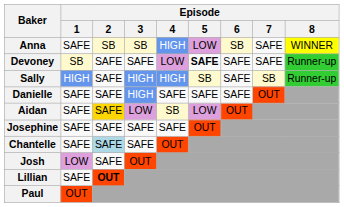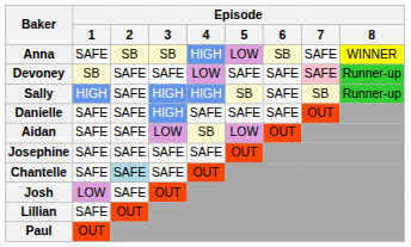 <table class="wikitable" style="text-align:center">
 <tr>
 <th scope="col" rowspan="2">Baker</th>
 <th colspan="9" scope="col">Episode</th>
 </tr>
 <tr>
 <th>1</th>
 <th>2</th>
 <th>3</th>
 <th>4</th>
 <th>5</th>
 <th>6</th>
 <th>7</th>
 <th>8</th>
 </tr>
 <tr>
 <th align="left">Anna</th>
 <td>SAFE</td>
 <td style="background:LemonChiffon;">SB</td>
 <td style="background:LemonChiffon;">SB</td>
 <td style="background:CornflowerBlue;color:white">HIGH</td>
 <td style="background:Plum;">LOW</td>
 <td style="background:LemonChiffon;">SB</td>
 <td>SAFE</td>
 <td style="background:Yellow;">WINNER</td>
 </tr>
 <tr>
 <th align="left">Devoney</th>
 <td style="background:LemonChiffon;">SB</td>
 <td>SAFE</td>
 <td>SAFE</td>
 <td style="background:Plum;">LOW</td>
-<td><strong>SAFE</strong></td>
 <td>SAFE</td>
 <td>SAFE</td>
+<td style="background: pink;">SAFE</td>
 <td style="background:LimeGreen;">Runner-up</td>
 </tr>
 <tr>
 <th align="left">Sally</th>
 <td style="background:CornflowerBlue;color:white">HIGH</td>
 <td>SAFE</td>
 <td style="background:CornflowerBlue;color:white">HIGH</td>
 <td style="background:CornflowerBlue;color:white">HIGH</td>
 <td style="background:LemonChiffon;">SB</td>
 <td>SAFE</td>
 <td style="background:LemonChiffon;">SB</td>
 <td style="background:LimeGreen;">Runner-up</td>
 </tr>
 <tr>
 <th align="left">Danielle</th>
 <td>SAFE</td>
 <td>SAFE</td>
 <td style="background:CornflowerBlue;color:white">HIGH</td>
 <td>SAFE</td>
 <td>SAFE</td>
 <td>SAFE</td>
 <td style="background:orangered;">OUT</td>
 <td colspan="8" style="background:darkgrey;"></td>
 </tr>
 <tr>
 <th align="left">Aidan</th>
 <td>SAFE</td>
-<td style="background: gold;">SAFE</td>
+<td>SAFE</td>
 <td style="background:Plum;">LOW</td>
 <td style="background:LemonChiffon;">SB</td>
 <td style="background:Plum;">LOW</td>
 <td style="background:orangered;">OUT</td>
 <td colspan="8" style="background:darkgrey;"></td>
 </tr>
 <tr>
 <th align="left">Josephine</th>
 <td>SAFE</td>
 <td>SAFE</td>
 <td>SAFE</td>
 <td>SAFE</td>
 <td style="background:orangered;">OUT</td>
 <td colspan="9" style="background:darkgrey;"></td>
 </tr>
 <tr>
 <th align="left">Chantelle</th>
 <td>SAFE</td>
 <td style="background: lightblue;">SAFE</td>
 <td>SAFE</td>
 <td style="background:orangered;">OUT</td>
 <td colspan="9" style="background:darkgrey;"></td>
 </tr>
 <tr>
 <th align="left">Josh</th>
 <td style="background:Plum;">LOW</td>
 <td>SAFE</td>
 <td style="background:orangered;">OUT</td>
 <td colspan="9" style="background:darkgrey;"></td>
 </tr>
 <tr>
 <th align="left">Lillian</th>
 <td>SAFE</td>
-<td style="background:orangered;"><strong>OUT</strong></td>
+<td style="background:orangered;">OUT</td>
 <td colspan="9" style="background:darkgrey;"></td>
 </tr>
 <tr>
 <th align="left">Paul</th>
 <td style="background:orangered;">OUT</td>
 <td colspan="9" style="background:darkgrey;"></td>
 </tr>
 </table>
